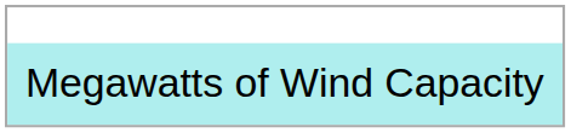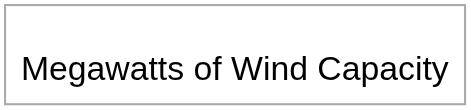 <table style="border:solid 1px #aaa;" cellpadding="7" cellspacing="0" class="floatleft">
 <tr>
 <td></td>
 </tr>
 <tr>
-<td style="background: paleturquoise;">Megawatts of Wind Capacity </td>
+<td>Megawatts of Wind Capacity </td>
 </tr>
 </table>
